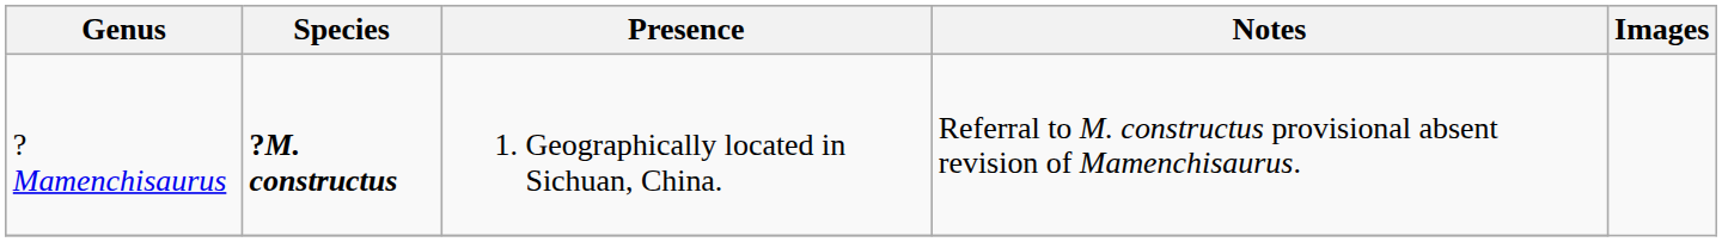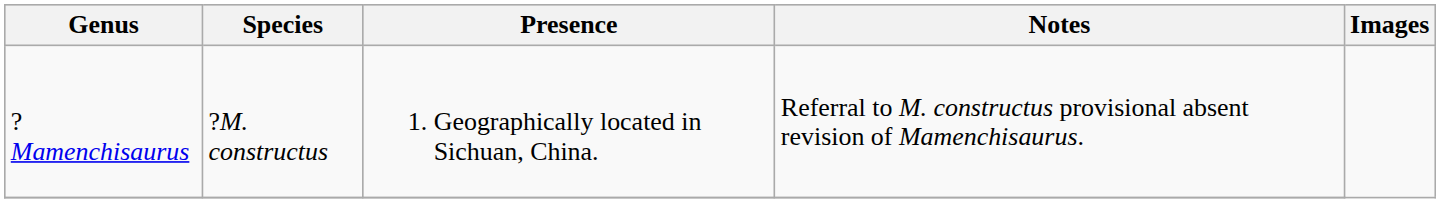 <table class="wikitable" align="center" width="100%">
 <tr>
 <th>Genus</th>
 <th>Species</th>
 <th>Presence</th>
 <th>Notes</th>
 <th>Images</th>
 </tr>
 <tr>
 <td><br>?<em><a href='#'>Mamenchisaurus</a></em></td>
-<td><strong><br>?<em>M. constructus</em></strong></td>
+<td><br>?<em>M. constructus</em></td>
 <td><br><ol><li>Geographically located in Sichuan, China.</li></ol></td>
 <td>Referral to <em>M. constructus</em> provisional absent revision of <em>Mamenchisaurus</em>.</td>
 <td rowspan="99"><br></td>
 </tr>
 <tr>
 </tr>
 </table>
